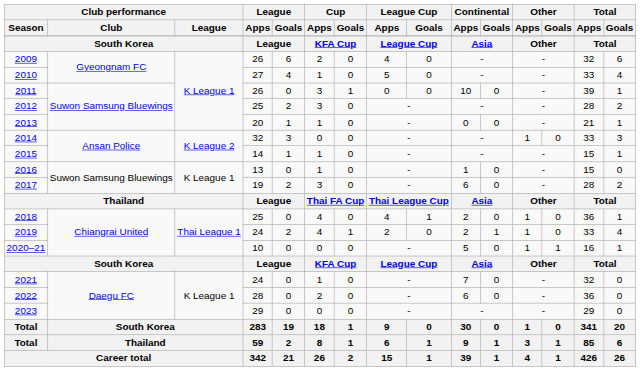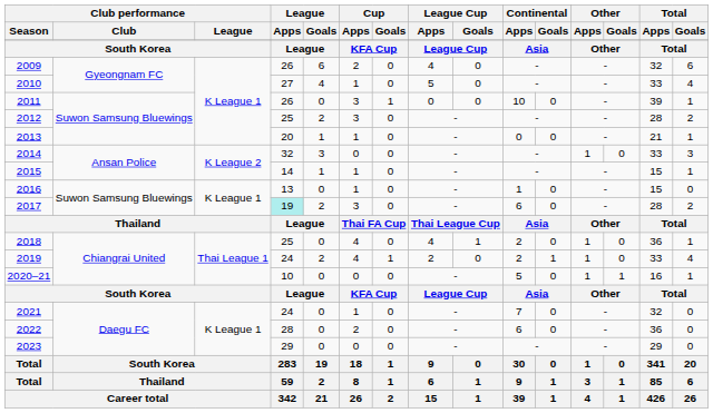 <table class="wikitable" style="text-align:center">
 <tr>
 <th colspan=3>Club performance</th>
 <th colspan=2>League</th>
 <th colspan=2>Cup</th>
 <th colspan=2>League Cup</th>
 <th colspan=2>Continental</th>
 <th colspan=2>Other</th>
 <th colspan=2>Total</th>
 </tr>
 <tr>
 <th>Season</th>
 <th>Club</th>
 <th>League</th>
 <th>Apps</th>
 <th>Goals</th>
 <th>Apps</th>
 <th>Goals</th>
 <th>Apps</th>
 <th>Goals</th>
 <th>Apps</th>
 <th>Goals</th>
 <th>Apps</th>
 <th>Goals</th>
 <th>Apps</th>
 <th>Goals</th>
 </tr>
 <tr>
 </tr>
 <tr>
 <th colspan=3>South Korea</th>
 <th colspan=2>League</th>
 <th colspan=2><a href='#'>KFA Cup</a></th>
 <th colspan=2><a href='#'>League Cup</a></th>
 <th colspan=2><a href='#'>Asia</a></th>
 <th colspan=2>Other</th>
 <th colspan=2>Total</th>
 </tr>
 <tr>
 <td><a href='#'>2009</a></td>
 <td rowspan="2"><a href='#'>Gyeongnam FC</a></td>
 <td rowspan="5"><a href='#'>K League 1</a></td>
 <td>26</td>
 <td>6</td>
 <td>2</td>
 <td>0</td>
 <td>4</td>
 <td>0</td>
 <td colspan="2">-</td>
 <td colspan="2">-</td>
 <td>32</td>
 <td>6</td>
 </tr>
 <tr>
 <td><a href='#'>2010</a></td>
 <td>27</td>
 <td>4</td>
 <td>1</td>
 <td>0</td>
 <td>5</td>
 <td>0</td>
 <td colspan="2">-</td>
 <td colspan="2">-</td>
 <td>33</td>
 <td>4</td>
 </tr>
 <tr>
 <td><a href='#'>2011</a></td>
 <td rowspan="3"><a href='#'>Suwon Samsung Bluewings</a></td>
 <td>26</td>
 <td>0</td>
 <td>3</td>
 <td>1</td>
 <td>0</td>
 <td>0</td>
 <td>10</td>
 <td>0</td>
 <td colspan="2">-</td>
 <td>39</td>
 <td>1</td>
 </tr>
 <tr>
 <td><a href='#'>2012</a></td>
 <td>25</td>
 <td>2</td>
 <td>3</td>
 <td>0</td>
 <td colspan="2">-</td>
 <td colspan="2">-</td>
 <td colspan="2">-</td>
 <td>28</td>
 <td>2</td>
 </tr>
 <tr>
 <td><a href='#'>2013</a></td>
 <td>20</td>
 <td>1</td>
 <td>1</td>
 <td>0</td>
 <td colspan="2">-</td>
 <td>0</td>
 <td>0</td>
 <td colspan="2">-</td>
 <td>21</td>
 <td>1</td>
 </tr>
 <tr>
 <td><a href='#'>2014</a></td>
 <td rowspan="2"><a href='#'>Ansan Police</a></td>
 <td rowspan="2"><a href='#'>K League 2</a></td>
 <td>32</td>
 <td>3</td>
 <td>0</td>
 <td>0</td>
 <td colspan="2">-</td>
 <td colspan="2">-</td>
 <td>1</td>
 <td>0</td>
 <td>33</td>
 <td>3</td>
 </tr>
 <tr>
 <td><a href='#'>2015</a></td>
 <td>14</td>
 <td>1</td>
 <td>1</td>
 <td>0</td>
 <td colspan="2">-</td>
 <td colspan="2">-</td>
 <td colspan="2">-</td>
 <td>15</td>
 <td>1</td>
 </tr>
 <tr>
 <td><a href='#'>2016</a></td>
 <td rowspan="2">Suwon Samsung Bluewings</td>
 <td rowspan="2">K League 1</td>
 <td>13</td>
 <td>0</td>
 <td>1</td>
 <td>0</td>
 <td colspan="2">-</td>
 <td>1</td>
 <td>0</td>
 <td colspan="2">-</td>
 <td>15</td>
 <td>0</td>
 </tr>
 <tr>
 <td><a href='#'>2017</a></td>
-<td>19</td>
+<td style="background: paleturquoise;">19</td>
 <td>2</td>
 <td>3</td>
 <td>0</td>
 <td colspan="2">-</td>
 <td>6</td>
 <td>0</td>
 <td colspan="2">-</td>
 <td>28</td>
 <td>2</td>
 </tr>
 <tr>
 <th colspan=3>Thailand</th>
 <th colspan=2>League</th>
 <th colspan=2><a href='#'>Thai FA Cup</a></th>
 <th colspan=2><a href='#'>Thai League Cup</a></th>
 <th colspan=2><a href='#'>Asia</a></th>
 <th colspan=2>Other</th>
 <th colspan=2>Total</th>
 </tr>
 <tr>
 <td><a href='#'>2018</a></td>
 <td rowspan="3"><a href='#'>Chiangrai United</a></td>
 <td rowspan="3"><a href='#'>Thai League 1</a></td>
 <td>25</td>
 <td>0</td>
 <td>4</td>
 <td>0</td>
 <td>4</td>
 <td>1</td>
 <td>2</td>
 <td>0</td>
 <td>1</td>
 <td>0</td>
 <td>36</td>
 <td>1</td>
 </tr>
 <tr>
 <td><a href='#'>2019</a></td>
 <td>24</td>
 <td>2</td>
 <td>4</td>
 <td>1</td>
 <td>2</td>
 <td>0</td>
 <td>2</td>
 <td>1</td>
 <td>1</td>
 <td>0</td>
 <td>33</td>
 <td>4</td>
 </tr>
 <tr>
 <td><a href='#'>2020–21</a></td>
 <td>10</td>
 <td>0</td>
 <td>0</td>
 <td>0</td>
 <td colspan="2">-</td>
 <td>5</td>
 <td>0</td>
 <td>1</td>
 <td>1</td>
 <td>16</td>
 <td>1</td>
 </tr>
 <tr>
 <th colspan=3>South Korea</th>
 <th colspan=2>League</th>
 <th colspan=2><a href='#'>KFA Cup</a></th>
 <th colspan=2><a href='#'>League Cup</a></th>
 <th colspan=2><a href='#'>Asia</a></th>
 <th colspan=2>Other</th>
 <th colspan=2>Total</th>
 </tr>
 <tr>
 <td><a href='#'>2021</a></td>
 <td rowspan="3"><a href='#'>Daegu FC</a></td>
 <td rowspan="3">K League 1</td>
 <td>24</td>
 <td>0</td>
 <td>1</td>
 <td>0</td>
 <td colspan="2">-</td>
 <td>7</td>
 <td>0</td>
 <td colspan="2">-</td>
 <td>32</td>
 <td>0</td>
 </tr>
 <tr>
 <td><a href='#'>2022</a></td>
 <td>28</td>
 <td>0</td>
 <td>2</td>
 <td>0</td>
 <td colspan="2">-</td>
 <td>6</td>
 <td>0</td>
 <td colspan="2">-</td>
 <td>36</td>
 <td>0</td>
 </tr>
 <tr>
 <td><a href='#'>2023</a></td>
 <td>29</td>
 <td>0</td>
 <td>0</td>
 <td>0</td>
 <td colspan="2">-</td>
 <td colspan="2">-</td>
 <td colspan="2">-</td>
 <td>29</td>
 <td>0</td>
 </tr>
 <tr>
 <th rowspan=1>Total</th>
 <th colspan=2>South Korea</th>
 <th>283</th>
 <th>19</th>
 <th>18</th>
 <th>1</th>
 <th>9</th>
 <th>0</th>
 <th>30</th>
 <th>0</th>
 <th>1</th>
 <th>0</th>
 <th>341</th>
 <th>20</th>
 </tr>
 <tr>
 <th rowspan=1>Total</th>
 <th colspan=2>Thailand</th>
 <th>59</th>
 <th>2</th>
 <th>8</th>
 <th>1</th>
 <th>6</th>
 <th>1</th>
 <th>9</th>
 <th>1</th>
 <th>3</th>
 <th>1</th>
 <th>85</th>
 <th>6</th>
 </tr>
 <tr>
 <th colspan=3>Career total</th>
 <th>342</th>
 <th>21</th>
 <th>26</th>
 <th>2</th>
 <th>15</th>
 <th>1</th>
 <th>39</th>
 <th>1</th>
 <th>4</th>
 <th>1</th>
 <th>426</th>
 <th>26</th>
 </tr>
 </table>
